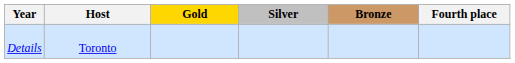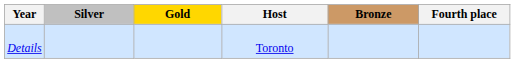 <table class="wikitable" style="font-size: 90%; text-align: center;">
 <tr>
 <th width="30">Year</th>
+<th width="125" style="background: silver;">Silver</th>
+<th width="125" style="background: gold;">Gold</th>
 <th width="150">Host</th>
-<th width="125" style="background: gold;">Gold</th>
-<th width="125" style="background: silver;">Silver</th>
 <th width="125" style="background: #cc9966;">Bronze</th>
 <th width="125" style="background:">Fourth place</th>
 </tr>
 <tr style="background: #D0E6FF;">
 <td><br><em><a href='#'>Details</a></em></td>
+<td></td>
+<td><strong></strong></td>
 <td><br><a href='#'>Toronto</a></td>
-<td><strong></strong></td>
-<td></td>
 <td></td>
 <td></td>
 </tr>
 </table>
